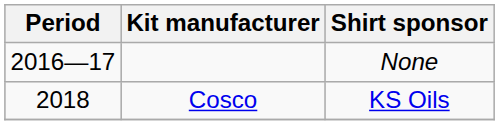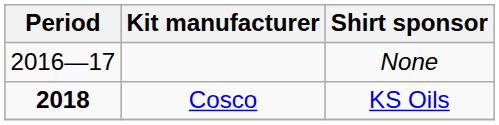 <table class="wikitable" style="text-align:center;margin-left:1em;float:center">
 <tr>
 <th>Period</th>
 <th>Kit manufacturer</th>
 <th>Shirt sponsor</th>
 </tr>
 <tr>
 <td>2016—17</td>
 <td></td>
 <td><em>None</em></td>
 </tr>
 <tr>
-<td>2018</td>
+<td><strong>2018</strong></td>
 <td><a href='#'>Cosco</a></td>
 <td><a href='#'>KS Oils</a></td>
 </tr>
 <tr>
 </tr>
 </table>
